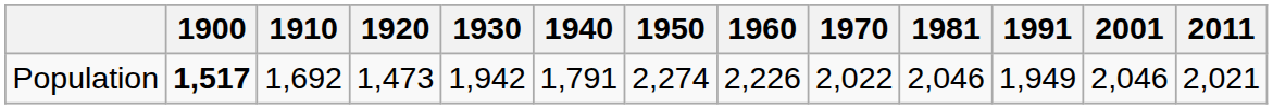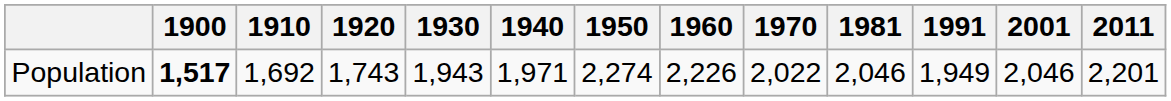 <table Class="wikitable">
 <tr>
 <th></th>
 <th>1900</th>
 <th>1910</th>
 <th>1920</th>
 <th>1930</th>
 <th>1940</th>
 <th>1950</th>
 <th>1960</th>
 <th>1970</th>
 <th>1981</th>
 <th>1991</th>
 <th>2001</th>
 <th>2011</th>
 </tr>
 <tr>
 <td>Population</td>
 <td><strong>1,517</strong></td>
 <td>1,692</td>
-<td>1,473</td>
-<td>1,942</td>
-<td>1,791</td>
+<td>1,743</td>
+<td>1,943</td>
+<td>1,971</td>
 <td>2,274</td>
 <td>2,226</td>
 <td>2,022</td>
 <td>2,046</td>
 <td>1,949</td>
 <td>2,046</td>
-<td>2,021</td>
+<td>2,201</td>
 </tr>
 </table>
